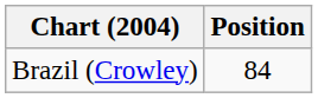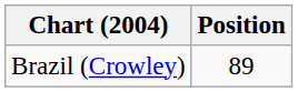 <table class="wikitable">
 <tr>
 <th>Chart (2004)</th>
 <th>Position</th>
 </tr>
 <tr>
 <td align="left">Brazil (<a href='#'>Crowley</a>)</td>
-<td align="center">84</td>
+<td align="center">89</td>
 </tr>
 </table>
